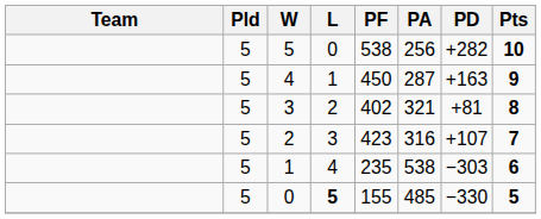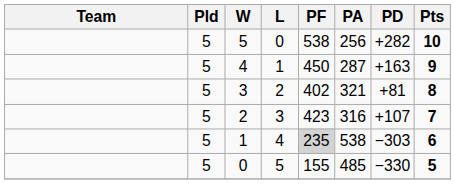 <table class=wikitable style="text-align:center">
 <tr>
 <th width=180>Team</th>
 <th width=30>Pld</th>
 <th width=30>W</th>
 <th width=30>L</th>
 <th width=30>PF</th>
 <th width=30>PA</th>
 <th width=30>PD</th>
 <th width=30>Pts</th>
 </tr>
 <tr>
 <td align="left"></td>
 <td>5</td>
 <td>5</td>
 <td>0</td>
 <td>538</td>
 <td>256</td>
 <td>+282</td>
 <td><strong>10</strong></td>
 </tr>
 <tr>
 <td align="left"></td>
 <td>5</td>
 <td>4</td>
 <td>1</td>
 <td>450</td>
 <td>287</td>
 <td>+163</td>
 <td><strong>9</strong></td>
 </tr>
 <tr>
 <td align="left"></td>
 <td>5</td>
 <td>3</td>
 <td>2</td>
 <td>402</td>
 <td>321</td>
 <td>+81</td>
 <td><strong>8</strong></td>
 </tr>
 <tr>
 <td align="left"></td>
 <td>5</td>
 <td>2</td>
 <td>3</td>
 <td>423</td>
 <td>316</td>
 <td>+107</td>
 <td><strong>7</strong></td>
 </tr>
 <tr>
 <td align="left"></td>
 <td>5</td>
 <td>1</td>
 <td>4</td>
-<td>235</td>
+<td style="background: lightgrey;">235</td>
 <td>538</td>
 <td>−303</td>
 <td><strong>6</strong></td>
 </tr>
 <tr>
 <td align="left"></td>
 <td>5</td>
 <td>0</td>
-<td><strong>5</strong></td>
+<td>5</td>
 <td>155</td>
 <td>485</td>
 <td>−330</td>
 <td><strong>5</strong></td>
 </tr>
 <tr>
 </tr>
 </table>
